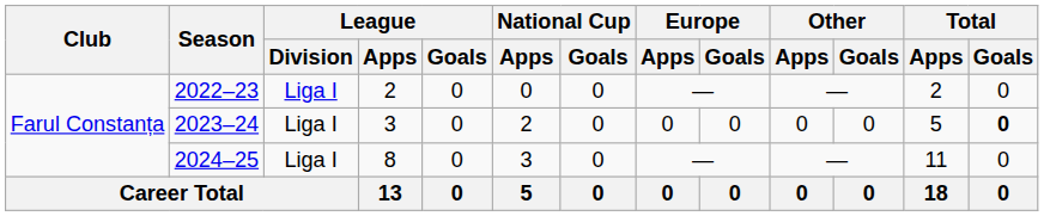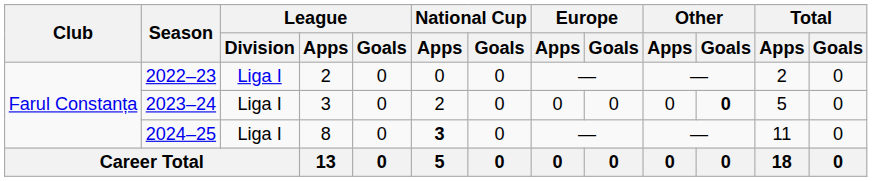 <table class=wikitable style=text-align:center>
 <tr>
 <th rowspan=2>Club</th>
 <th rowspan=2>Season</th>
 <th colspan=3>League</th>
 <th colspan=2>National Cup</th>
 <th colspan=2>Europe</th>
 <th colspan=2>Other</th>
 <th colspan=2>Total</th>
 </tr>
 <tr>
 <th>Division</th>
 <th>Apps</th>
 <th>Goals</th>
 <th>Apps</th>
 <th>Goals</th>
 <th>Apps</th>
 <th>Goals</th>
 <th>Apps</th>
 <th>Goals</th>
 <th>Apps</th>
 <th>Goals</th>
 </tr>
 <tr>
 <td rowspan="3"><a href='#'>Farul Constanța</a></td>
 <td><a href='#'>2022–23</a></td>
 <td rowspan="1"><a href='#'>Liga I</a></td>
 <td>2</td>
 <td>0</td>
 <td>0</td>
 <td>0</td>
 <td colspan="2">—</td>
 <td colspan="2">—</td>
 <td>2</td>
 <td>0</td>
 </tr>
 <tr>
 <td><a href='#'>2023–24</a></td>
 <td>Liga I</td>
 <td>3</td>
 <td>0</td>
 <td>2</td>
 <td>0</td>
 <td>0</td>
 <td>0</td>
 <td>0</td>
+<td><strong>0</strong></td>
+<td>5</td>
 <td>0</td>
-<td>5</td>
-<td><strong>0</strong></td>
 </tr>
 <tr>
 <td><a href='#'>2024–25</a></td>
 <td>Liga I</td>
 <td>8</td>
 <td>0</td>
-<td>3</td>
+<td><strong>3</strong></td>
 <td>0</td>
 <td colspan="2">—</td>
 <td colspan="2">—</td>
 <td>11</td>
 <td>0</td>
 </tr>
 <tr>
 <th colspan="3">Career Total</th>
 <th>13</th>
 <th>0</th>
 <th>5</th>
 <th>0</th>
 <th>0</th>
 <th>0</th>
 <th>0</th>
 <th>0</th>
 <th>18</th>
 <th>0</th>
 </tr>
 </table>
